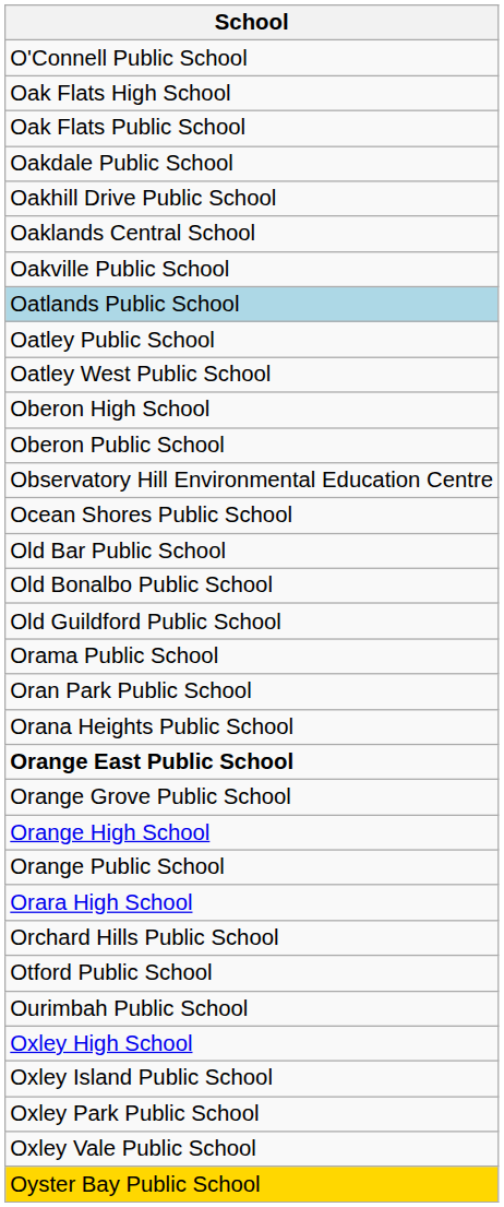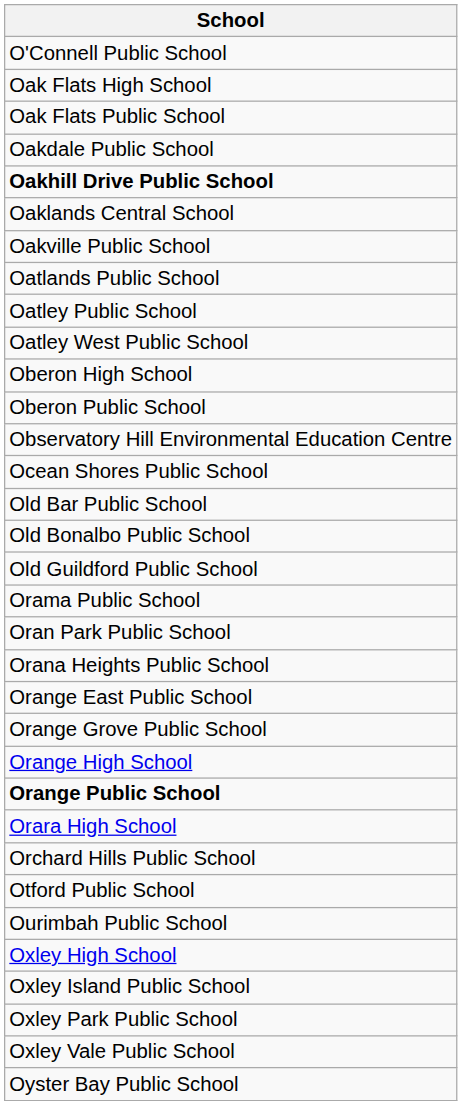 <table class="wikitable">
 <tr>
 <th>School</th>
 </tr>
 <tr>
 <td>O'Connell Public School</td>
 </tr>
 <tr>
 <td>Oak Flats High School</td>
 </tr>
 <tr>
 <td>Oak Flats Public School</td>
 </tr>
 <tr>
 <td>Oakdale Public School</td>
 </tr>
 <tr>
-<td>Oakhill Drive Public School</td>
+<td><strong>Oakhill Drive Public School</strong></td>
 </tr>
 <tr>
 <td>Oaklands Central School</td>
 </tr>
 <tr>
 <td>Oakville Public School</td>
 </tr>
 <tr>
-<td style="background: lightblue;">Oatlands Public School</td>
+<td>Oatlands Public School</td>
 </tr>
 <tr>
 <td>Oatley Public School</td>
 </tr>
 <tr>
 <td>Oatley West Public School</td>
 </tr>
 <tr>
 <td>Oberon High School</td>
 </tr>
 <tr>
 <td>Oberon Public School</td>
 </tr>
 <tr>
 <td>Observatory Hill Environmental Education Centre</td>
 </tr>
 <tr>
 <td>Ocean Shores Public School</td>
 </tr>
 <tr>
 <td>Old Bar Public School</td>
 </tr>
 <tr>
 <td>Old Bonalbo Public School</td>
 </tr>
 <tr>
 <td>Old Guildford Public School</td>
 </tr>
 <tr>
 <td>Orama Public School</td>
 </tr>
 <tr>
 <td>Oran Park Public School</td>
 </tr>
 <tr>
 <td>Orana Heights Public School</td>
 </tr>
 <tr>
-<td><strong>Orange East Public School</strong></td>
+<td>Orange East Public School</td>
 </tr>
 <tr>
 <td>Orange Grove Public School</td>
 </tr>
 <tr>
 <td><a href='#'>Orange High School</a></td>
 </tr>
 <tr>
-<td>Orange Public School</td>
+<td><strong>Orange Public School</strong></td>
 </tr>
 <tr>
 <td><a href='#'>Orara High School</a></td>
 </tr>
 <tr>
 <td>Orchard Hills Public School</td>
 </tr>
 <tr>
 <td>Otford Public School</td>
 </tr>
 <tr>
 <td>Ourimbah Public School</td>
 </tr>
 <tr>
 <td><a href='#'>Oxley High School</a></td>
 </tr>
 <tr>
 <td>Oxley Island Public School</td>
 </tr>
 <tr>
 <td>Oxley Park Public School</td>
 </tr>
 <tr>
 <td>Oxley Vale Public School</td>
 </tr>
 <tr>
-<td style="background: gold;">Oyster Bay Public School</td>
+<td>Oyster Bay Public School</td>
 </tr>
 </table>
